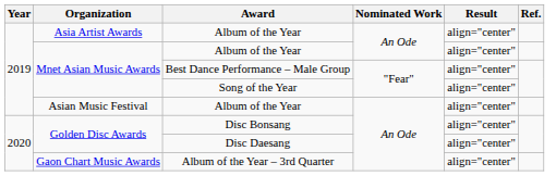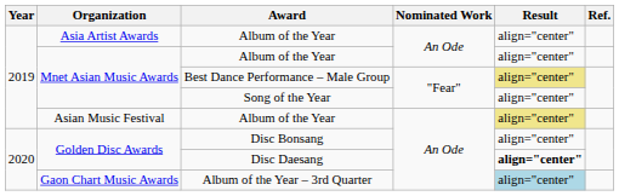 <table class="wikitable sortable plainrowheaders">
 <tr>
 <th scope="col">Year</th>
 <th scope="col">Organization</th>
 <th scope="col">Award</th>
 <th scope="col">Nominated Work</th>
 <th scope="col">Result</th>
 <th scope="col">Ref.</th>
 </tr>
 <tr>
 <td rowspan="5" align="center">2019</td>
 <td align="center"><a href='#'>Asia Artist Awards</a></td>
 <td align="center">Album of the Year</td>
 <td rowspan="2" align="center"><em>An Ode</em></td>
 <td>align="center" </td>
 <td align="center"></td>
 </tr>
 <tr>
 <td rowspan="3" align="center"><a href='#'>Mnet Asian Music Awards</a></td>
 <td align="center">Album of the Year</td>
 <td>align="center" </td>
 <td align="center"></td>
 </tr>
 <tr>
 <td align="center">Best Dance Performance – Male Group</td>
 <td rowspan="2" align="center">"Fear"</td>
-<td>align="center" </td>
+<td style="background: khaki;">align="center" </td>
 <td rowspan="2" align="center"></td>
 </tr>
 <tr>
 <td align="center">Song of the Year</td>
 <td>align="center" </td>
 </tr>
 <tr>
 <td align="center">Asian Music Festival</td>
 <td align="center">Album of the Year</td>
 <td rowspan="4" align="center"><em>An Ode</em></td>
-<td>align="center" </td>
+<td style="background: khaki;">align="center" </td>
 <td align="center"></td>
 </tr>
 <tr>
 <td rowspan="3" align="center">2020</td>
 <td align="center" rowspan="2"><a href='#'>Golden Disc Awards</a></td>
 <td align="center">Disc Bonsang</td>
 <td>align="center" </td>
 <td align="center" rowspan="2"></td>
 </tr>
 <tr>
 <td align="center">Disc Daesang</td>
-<td>align="center" </td>
+<td><strong>align="center" </strong></td>
 </tr>
 <tr>
 <td align="center"><a href='#'>Gaon Chart Music Awards</a></td>
 <td align="center">Album of the Year – 3rd Quarter</td>
-<td>align="center" </td>
+<td style="background: lightblue;">align="center" </td>
 <td align="center"></td>
 </tr>
 </table>
